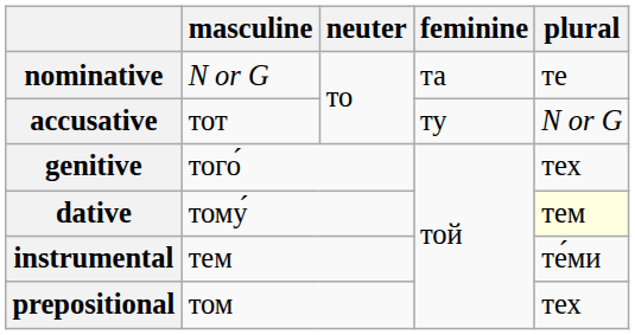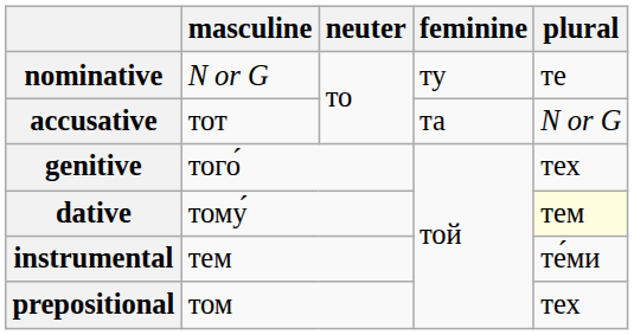 <table class="wikitable" style="display: inline-table;">
 <tr>
 <th></th>
 <th>masculine</th>
 <th>neuter</th>
 <th>feminine</th>
 <th>plural</th>
 </tr>
 <tr>
 <th>nominative</th>
 <td><em>N or G</em></td>
 <td rowspan="2">то</td>
-<td>та</td>
+<td>ту</td>
 <td>те</td>
 </tr>
 <tr>
 <th>accusative</th>
 <td>тот</td>
-<td>ту</td>
+<td>та</td>
 <td><em>N or G</em></td>
 </tr>
 <tr>
 <th>genitive</th>
 <td colspan="2">того́</td>
 <td rowspan="4">той</td>
 <td>тех</td>
 </tr>
 <tr>
 <th>dative</th>
 <td colspan="2">тому́</td>
 <td style="background: lightyellow;">тем</td>
 </tr>
 <tr>
 <th>instrumental</th>
 <td colspan="2">тем</td>
 <td>те́ми</td>
 </tr>
 <tr>
 <th>prepositional</th>
 <td colspan="2">том</td>
 <td>тех</td>
 </tr>
 </table>
